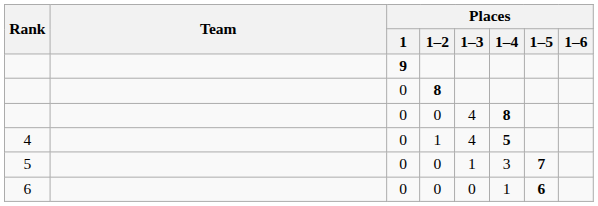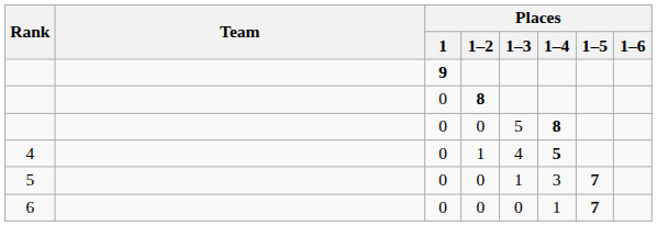 <table class="wikitable" style="text-align:center">
 <tr>
 <th rowspan="2" width=40>Rank</th>
 <th rowspan="2" width=380>Team</th>
 <th colspan="6">Places</th>
 </tr>
 <tr>
 <th width=30>1</th>
 <th width=30>1–2</th>
 <th width=30>1–3</th>
 <th width=30>1–4</th>
 <th width=30>1–5</th>
 <th width=30>1–6</th>
 </tr>
 <tr>
 <td></td>
 <td align=left></td>
 <td><strong>9</strong></td>
 <td></td>
 <td></td>
 <td></td>
 <td></td>
 <td></td>
 </tr>
 <tr>
 <td></td>
 <td align=left></td>
 <td>0</td>
 <td><strong>8</strong></td>
 <td></td>
 <td></td>
 <td></td>
 <td></td>
 </tr>
 <tr>
 <td></td>
 <td align=left></td>
 <td>0</td>
 <td>0</td>
-<td>4</td>
+<td>5</td>
 <td><strong>8</strong></td>
 <td></td>
 <td></td>
 </tr>
 <tr>
 <td>4</td>
 <td align=left></td>
 <td>0</td>
 <td>1</td>
 <td>4</td>
 <td><strong>5</strong></td>
 <td></td>
 <td></td>
 </tr>
 <tr>
 <td>5</td>
 <td align=left></td>
 <td>0</td>
 <td>0</td>
 <td>1</td>
 <td>3</td>
 <td><strong>7</strong></td>
 <td></td>
 </tr>
 <tr>
 <td>6</td>
 <td align=left></td>
 <td>0</td>
 <td>0</td>
 <td>0</td>
 <td>1</td>
-<td><strong>6</strong></td>
+<td><strong>7</strong></td>
 <td></td>
 </tr>
 </table>
